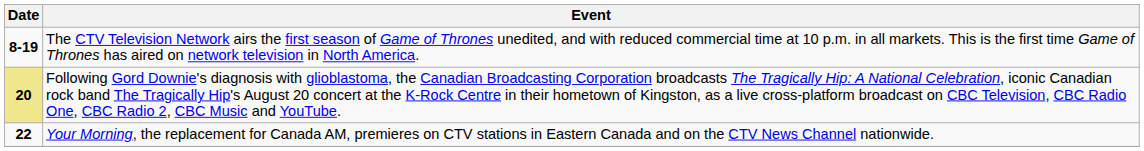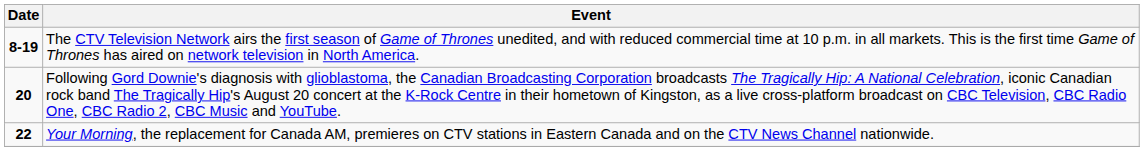 <table class="wikitable">
 <tr>
 <th>Date</th>
 <th>Event</th>
 </tr>
 <tr>
 <td style="text-align:center;"><strong>8-19</strong></td>
 <td>The <a href='#'>CTV Television Network</a> airs the <a href='#'>first season</a> of <em><a href='#'>Game of Thrones</a></em> unedited, and with reduced commercial time at 10 p.m. in all markets. This is the first time <em>Game of Thrones</em> has aired on <a href='#'>network television</a> in <a href='#'>North America</a>.</td>
 </tr>
 <tr>
-<td style="background: khaki; text-align:center;"><strong>20</strong></td>
+<td style="text-align:center;"><strong>20</strong></td>
 <td>Following <a href='#'>Gord Downie</a>'s diagnosis with <a href='#'>glioblastoma</a>, the <a href='#'>Canadian Broadcasting Corporation</a> broadcasts <em><a href='#'>The Tragically Hip: A National Celebration</a></em>, iconic Canadian rock band <a href='#'>The Tragically Hip</a>'s August 20 concert at the <a href='#'>K-Rock Centre</a> in their hometown of Kingston, as a live cross-platform broadcast on <a href='#'>CBC Television</a>, <a href='#'>CBC Radio One</a>, <a href='#'>CBC Radio 2</a>, <a href='#'>CBC Music</a> and <a href='#'>YouTube</a>.</td>
 </tr>
 <tr>
 <td style="text-align:center;"><strong>22</strong></td>
 <td><em><a href='#'>Your Morning</a></em>, the replacement for Canada AM, premieres on CTV stations in Eastern Canada and on the <a href='#'>CTV News Channel</a> nationwide.</td>
 </tr>
 <tr>
 </tr>
 </table>
